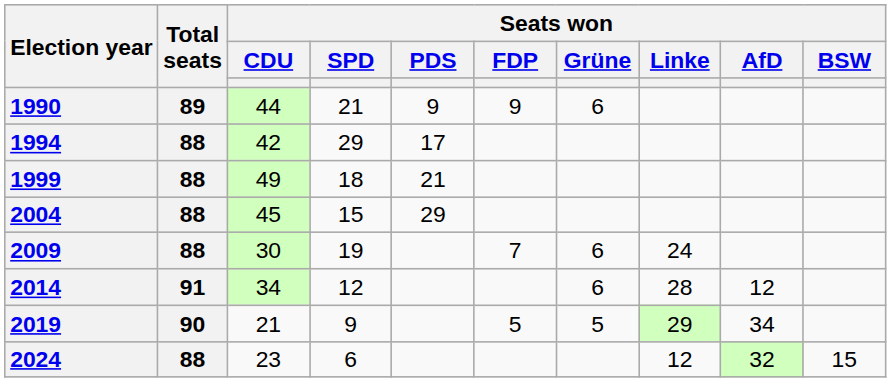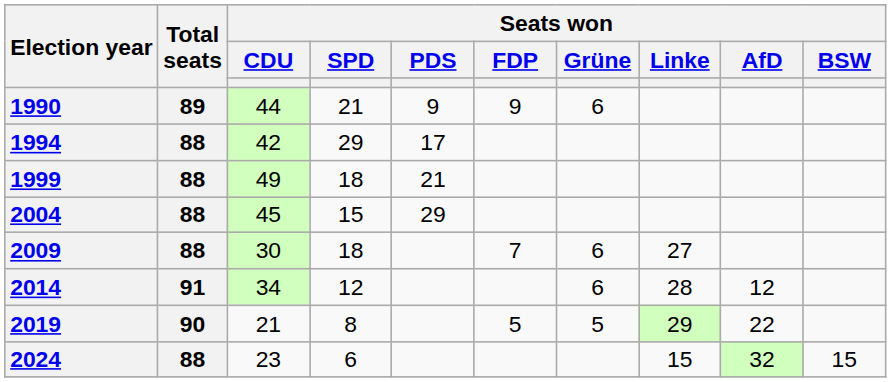 <table class="wikitable" style="text-align:center; font-size: 0.9em;">
 <tr>
 <th rowspan="3">Election year</th>
 <th rowspan="3">Total<br>seats</th>
 <th colspan="8">Seats won</th>
 </tr>
 <tr>
 <th class="unsortable" style="width:45px;"><a href='#'>CDU</a></th>
 <th class="unsortable" style="width:45px;"><a href='#'>SPD</a></th>
 <th class="unsortable" style="width:45px;"><a href='#'>PDS</a></th>
 <th class="unsortable" style="width:45px;"><a href='#'>FDP</a></th>
 <th class="unsortable" style="width:45px;"><a href='#'>Grüne</a></th>
 <th class="unsortable" style="width:45px;"><a href='#'>Linke</a></th>
 <th class="unsortable" style="width:45px;"><a href='#'>AfD</a></th>
 <th class="unsortable" style="width:45px;"><a href='#'>BSW</a></th>
 </tr>
 <tr>
 <th style="background:"></th>
 <th style="background:"></th>
 <th style="background:"></th>
 <th style="background:"></th>
 <th style="background:"></th>
 <th style="background:"></th>
 <th style="background:"></th>
 <th style="background:"></th>
 </tr>
 <tr>
 <th style="text-align: left;"><a href='#'>1990</a></th>
 <th>89</th>
 <td style="background:#d1ffbd;">44</td>
 <td>21</td>
 <td>9</td>
 <td>9</td>
 <td>6</td>
 <td></td>
 <td></td>
 <td></td>
 </tr>
 <tr>
 <th style="text-align: left;"><a href='#'>1994</a></th>
 <th>88</th>
 <td style="background:#d1ffbd;">42</td>
 <td>29</td>
 <td>17</td>
 <td></td>
 <td></td>
 <td></td>
 <td></td>
 </tr>
 <tr>
 <th style="text-align: left;"><a href='#'>1999</a></th>
 <th>88</th>
 <td style="background:#d1ffbd;">49</td>
 <td>18</td>
 <td>21</td>
 <td></td>
 <td></td>
 <td></td>
 <td></td>
 <td></td>
 </tr>
 <tr>
 <th style="text-align: left;"><a href='#'>2004</a></th>
 <th>88</th>
 <td style="background:#d1ffbd;">45</td>
 <td>15</td>
 <td>29</td>
 <td></td>
 <td></td>
 <td></td>
 <td></td>
 <td></td>
 </tr>
 <tr>
 <th style="text-align: left;"><a href='#'>2009</a></th>
 <th>88</th>
 <td style="background:#d1ffbd;">30</td>
-<td>19</td>
+<td>18</td>
 <td></td>
 <td>7</td>
 <td>6</td>
-<td>24</td>
+<td>27</td>
 <td></td>
 <td></td>
 </tr>
 <tr>
 <th style="text-align: left;"><a href='#'>2014</a></th>
 <th>91</th>
 <td style="background:#d1ffbd;">34</td>
 <td>12</td>
 <td></td>
 <td></td>
 <td>6</td>
 <td>28</td>
 <td>12</td>
 <td></td>
 </tr>
 <tr>
 <th style="text-align: left;"><a href='#'>2019</a></th>
 <th>90</th>
 <td>21</td>
-<td>9</td>
+<td>8</td>
 <td></td>
 <td>5</td>
 <td>5</td>
 <td style="background:#d1ffbd;">29</td>
-<td>34</td>
+<td>22</td>
 <td></td>
 </tr>
 <tr>
 <th style="text-align: left;"><a href='#'>2024</a></th>
 <th>88</th>
 <td>23</td>
 <td>6</td>
 <td></td>
 <td></td>
 <td></td>
-<td>12</td>
+<td>15</td>
 <td style="background:#d1ffbd;">32</td>
 <td>15</td>
 </tr>
 </table>
